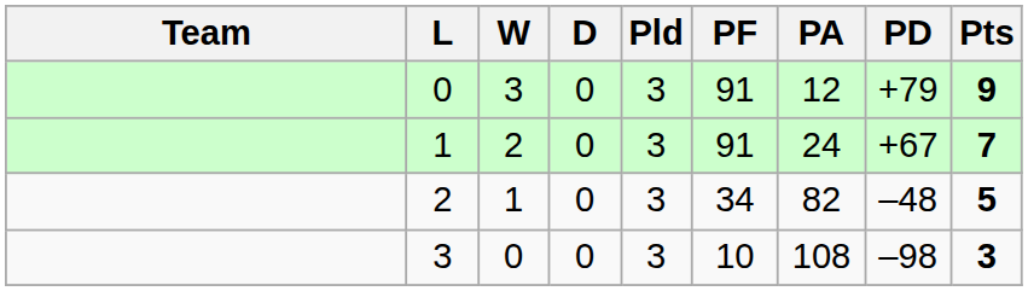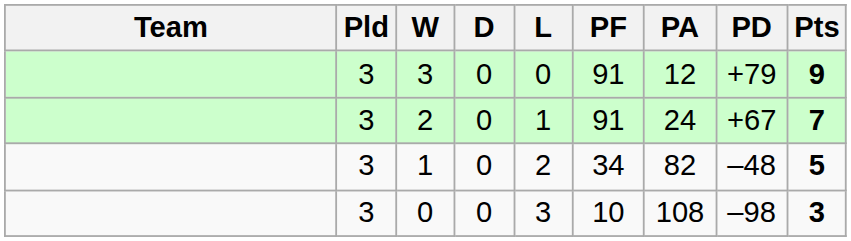 <table class="wikitable" style="text-align:center;">
 <tr>
 <th width=175>Team</th>
-<th width=25 abbr="Lost">L</th>
+<th width=25 abbr="Played">Pld</th>
 <th width=25 abbr="Won">W</th>
 <th width=25 abbr="Drawn">D</th>
-<th width=25 abbr="Played">Pld</th>
+<th width=25 abbr="Lost">L</th>
 <th width=32 abbr="Points for">PF</th>
 <th width=32 abbr="Points against">PA</th>
 <th width=32 abbr="Points difference">PD</th>
 <th width=25 abbr="Points">Pts</th>
 </tr>
 <tr bgcolor=ccffcc>
 <td align=left></td>
-<td>0</td>
+<td>3</td>
 <td>3</td>
 <td>0</td>
-<td>3</td>
+<td>0</td>
 <td>91</td>
 <td>12</td>
 <td>+79</td>
 <td><strong>9</strong></td>
 </tr>
 <tr bgcolor=ccffcc>
 <td align=left></td>
-<td>1</td>
+<td>3</td>
 <td>2</td>
 <td>0</td>
-<td>3</td>
+<td>1</td>
 <td>91</td>
 <td>24</td>
 <td>+67</td>
 <td><strong>7</strong></td>
 </tr>
 <tr>
 <td align=left></td>
-<td>2</td>
+<td>3</td>
 <td>1</td>
 <td>0</td>
-<td>3</td>
+<td>2</td>
 <td>34</td>
 <td>82</td>
 <td>–48</td>
 <td><strong>5</strong></td>
 </tr>
 <tr>
 <td align=left></td>
 <td>3</td>
 <td>0</td>
 <td>0</td>
 <td>3</td>
 <td>10</td>
 <td>108</td>
 <td>–98</td>
 <td><strong>3</strong></td>
 </tr>
 </table>
